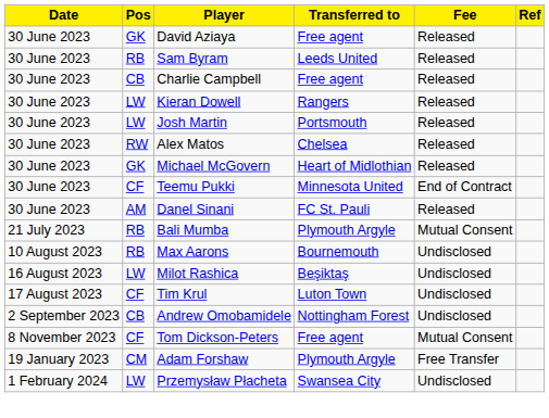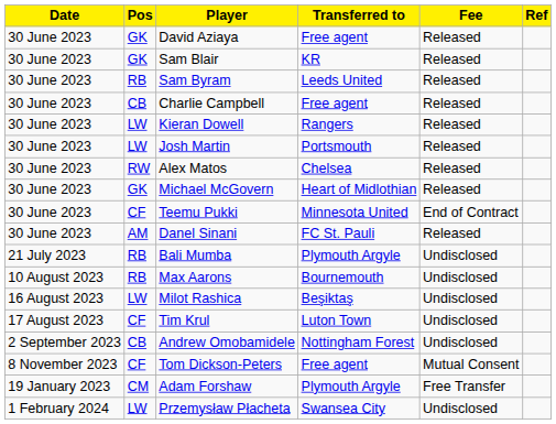 <table class="wikitable plainrowheaders sortable">
 <tr>
 <th style="background:#fff000;color:#000000;">Date</th>
 <th style="background:#fff000;color:#000000;">Pos</th>
 <th style="background:#fff000;color:#000000;">Player</th>
 <th style="background:#fff000;color:#000000;">Transferred to</th>
 <th style="background:#fff000;color:#000000;">Fee</th>
 <th style="background:#fff000;color:#000000;">Ref</th>
 </tr>
 <tr>
 <td>30 June 2023</td>
 <td><a href='#'>GK</a></td>
 <td> David Aziaya</td>
 <td> <a href='#'>Free agent</a></td>
+<td>Released</td>
+<td></td>
+</tr>
+<tr>
+<td>30 June 2023</td>
+<td><a href='#'>GK</a></td>
+<td> Sam Blair</td>
+<td> <a href='#'>KR</a></td>
 <td>Released</td>
 <td></td>
 </tr>
 <tr>
 <td>30 June 2023</td>
 <td><a href='#'>RB</a></td>
 <td> <a href='#'>Sam Byram</a></td>
 <td> <a href='#'>Leeds United</a></td>
 <td>Released</td>
 <td></td>
 </tr>
 <tr>
 <td>30 June 2023</td>
 <td><a href='#'>CB</a></td>
 <td> Charlie Campbell</td>
 <td> <a href='#'>Free agent</a></td>
 <td>Released</td>
 <td></td>
 </tr>
 <tr>
 <td>30 June 2023</td>
 <td><a href='#'>LW</a></td>
 <td> <a href='#'>Kieran Dowell</a></td>
 <td> <a href='#'>Rangers</a></td>
 <td>Released</td>
 <td></td>
 </tr>
 <tr>
 <td>30 June 2023</td>
 <td><a href='#'>LW</a></td>
 <td> <a href='#'>Josh Martin</a></td>
 <td> <a href='#'>Portsmouth</a></td>
 <td>Released</td>
 <td></td>
 </tr>
 <tr>
 <td>30 June 2023</td>
 <td><a href='#'>RW</a></td>
 <td> Alex Matos</td>
 <td> <a href='#'>Chelsea</a></td>
 <td>Released</td>
 <td></td>
 </tr>
 <tr>
 <td>30 June 2023</td>
 <td><a href='#'>GK</a></td>
 <td> <a href='#'>Michael McGovern</a></td>
 <td> <a href='#'>Heart of Midlothian</a></td>
 <td>Released</td>
 <td></td>
 </tr>
 <tr>
 <td>30 June 2023</td>
 <td><a href='#'>CF</a></td>
 <td> <a href='#'>Teemu Pukki</a></td>
 <td> <a href='#'>Minnesota United</a></td>
 <td>End of Contract</td>
 <td></td>
 </tr>
 <tr>
 <td>30 June 2023</td>
 <td><a href='#'>AM</a></td>
 <td> <a href='#'>Danel Sinani</a></td>
 <td> <a href='#'>FC St. Pauli</a></td>
 <td>Released</td>
 <td></td>
 </tr>
 <tr>
 <td>21 July 2023</td>
 <td><a href='#'>RB</a></td>
 <td> <a href='#'>Bali Mumba</a></td>
 <td> <a href='#'>Plymouth Argyle</a></td>
-<td>Mutual Consent</td>
+<td>Undisclosed</td>
 <td></td>
 </tr>
 <tr>
 <td>10 August 2023</td>
 <td><a href='#'>RB</a></td>
 <td> <a href='#'>Max Aarons</a></td>
 <td> <a href='#'>Bournemouth</a></td>
 <td>Undisclosed</td>
 <td></td>
 </tr>
 <tr>
 <td>16 August 2023</td>
 <td><a href='#'>LW</a></td>
 <td> <a href='#'>Milot Rashica</a></td>
 <td> <a href='#'> Beşiktaş</a></td>
 <td>Undisclosed</td>
 <td></td>
 </tr>
 <tr>
 <td>17 August 2023</td>
 <td><a href='#'>CF</a></td>
 <td> <a href='#'>Tim Krul</a></td>
 <td> <a href='#'>Luton Town</a></td>
 <td>Undisclosed</td>
 <td></td>
 </tr>
 <tr>
 <td>2 September 2023</td>
 <td><a href='#'>CB</a></td>
 <td> <a href='#'>Andrew Omobamidele</a></td>
 <td> <a href='#'>Nottingham Forest</a></td>
 <td>Undisclosed</td>
 <td></td>
 </tr>
 <tr>
 <td>8 November 2023</td>
 <td><a href='#'>CF</a></td>
 <td> <a href='#'>Tom Dickson-Peters</a></td>
 <td> <a href='#'>Free agent</a></td>
 <td>Mutual Consent</td>
 <td></td>
 </tr>
 <tr>
 <td>19 January 2023</td>
 <td><a href='#'>CM</a></td>
 <td> <a href='#'>Adam Forshaw</a></td>
 <td> <a href='#'>Plymouth Argyle</a></td>
 <td>Free Transfer</td>
 <td></td>
 </tr>
 <tr>
 <td>1 February 2024</td>
 <td><a href='#'>LW</a></td>
 <td> <a href='#'>Przemysław Płacheta</a></td>
 <td> <a href='#'>Swansea City</a></td>
 <td>Undisclosed</td>
 <td></td>
 </tr>
 </table>
